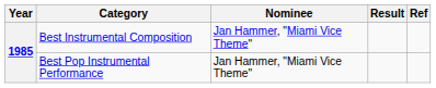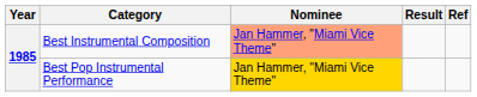 <table class="wikitable plainrowheaders">
 <tr>
 <th scope="col"; width=40>Year</th>
 <th scope="col"; width=375>Category</th>
 <th scope="col"; width=350>Nominee</th>
 <th scope="col"; width=40>Result</th>
 <th scope="col"; width=25>Ref</th>
 </tr>
 <tr>
 <th scope="row" rowspan="2"><a href='#'>1985</a></th>
 <td><a href='#'>Best Instrumental Composition</a></td>
-<td><a href='#'>Jan Hammer</a>, "<a href='#'>Miami Vice Theme</a>"</td>
+<td style="background: lightsalmon;"><a href='#'>Jan Hammer</a>, "<a href='#'>Miami Vice Theme</a>"</td>
 <td></td>
 <td></td>
 </tr>
 <tr>
 <td><a href='#'>Best Pop Instrumental Performance</a></td>
-<td>Jan Hammer, "Miami Vice Theme"</td>
+<td style="background: gold;">Jan Hammer, "Miami Vice Theme"</td>
 <td></td>
 <td></td>
 </tr>
 </table>
